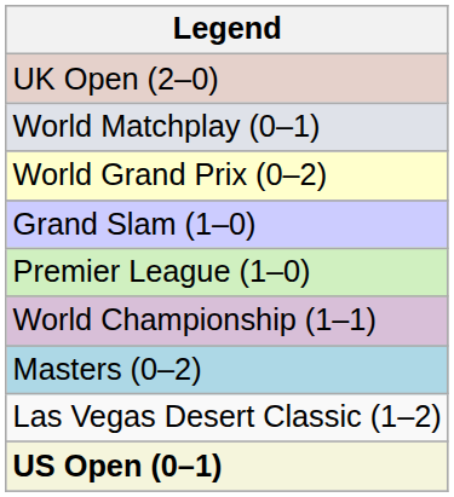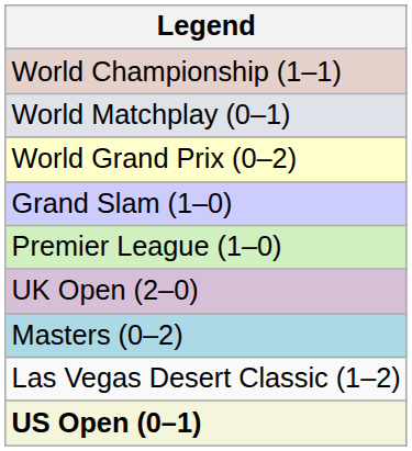 <table class="wikitable">
 <tr>
 <th>Legend</th>
 </tr>
 <tr style="background:#e5d1cb;">
-<td>UK Open (2–0)</td>
+<td>World Championship (1–1)</td>
 </tr>
 <tr style="background:#dfe2e9;">
 <td>World Matchplay (0–1)</td>
 </tr>
 <tr style="background:#ffc;">
 <td>World Grand Prix (0–2)</td>
 </tr>
 <tr style="background:#ccf;">
 <td>Grand Slam (1–0)</td>
 </tr>
 <tr style="background:#d0f0c0;">
 <td>Premier League (1–0)</td>
 </tr>
 <tr style="background:thistle">
-<td>World Championship (1–1)</td>
+<td>UK Open (2–0)</td>
 </tr>
 <tr bgcolor="lightblue">
 <td>Masters (0–2)</td>
 </tr>
 <tr>
 <td>Las Vegas Desert Classic (1–2)</td>
 </tr>
 <tr bgcolor="beige">
 <td><strong>US Open (0–1)</strong></td>
 </tr>
 </table>
